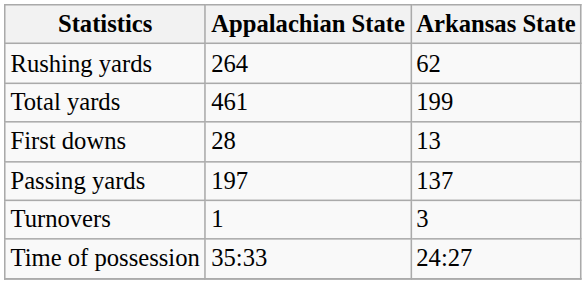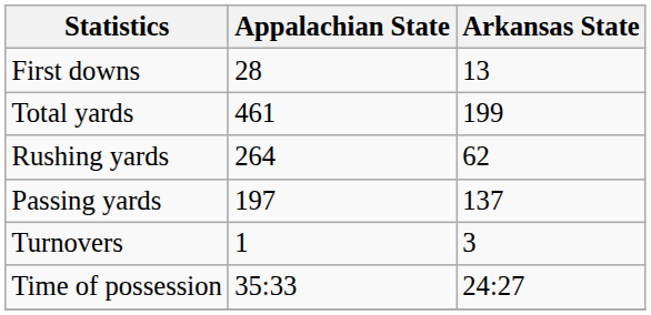 <table class="wikitable">
 <tr>
 <th>Statistics</th>
 <th>Appalachian State</th>
 <th>Arkansas State</th>
 </tr>
 <tr>
-<td>Rushing yards</td>
-<td>264</td>
-<td>62</td>
+<td>First downs</td>
+<td>28</td>
+<td>13</td>
 </tr>
 <tr>
 <td>Total yards</td>
 <td>461</td>
 <td>199</td>
 </tr>
 <tr>
-<td>First downs</td>
-<td>28</td>
-<td>13</td>
+<td>Rushing yards</td>
+<td>264</td>
+<td>62</td>
 </tr>
 <tr>
 <td>Passing yards</td>
 <td>197</td>
 <td>137</td>
 </tr>
 <tr>
 <td>Turnovers</td>
 <td>1</td>
 <td>3</td>
 </tr>
 <tr>
 <td>Time of possession</td>
 <td>35:33</td>
 <td>24:27</td>
 </tr>
 <tr>
 </tr>
 </table>
